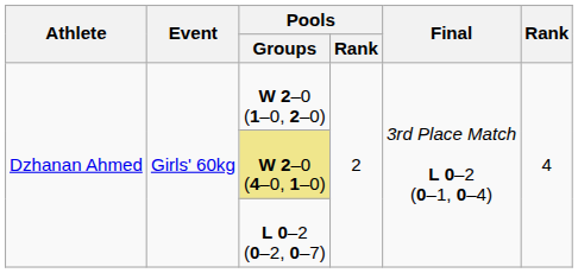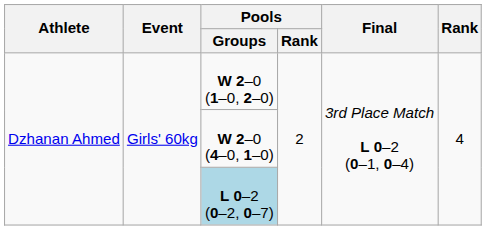 <table class="wikitable" style="text-align:left; font-size:90%">
 <tr>
 <th rowspan="2">Athlete</th>
 <th rowspan="2">Event</th>
 <th colspan="2">Pools</th>
 <th rowspan="2">Final</th>
 <th rowspan="2">Rank</th>
 </tr>
 <tr>
 <th>Groups</th>
 <th>Rank</th>
 </tr>
 <tr>
 <td rowspan="3"><a href='#'>Dzhanan Ahmed</a></td>
 <td rowspan="3"><a href='#'>Girls' 60kg</a></td>
 <td align=center><br><strong>W</strong> <strong>2</strong>–0<br>(<strong>1</strong>–0, <strong>2</strong>–0)</td>
 <td rowspan="3" align=center>2</td>
 <td align=center rowspan=3><em>3rd Place Match</em><br><br><strong>L</strong> <strong>0</strong>–2<br>(<strong>0</strong>–1, <strong>0</strong>–4)</td>
 <td rowspan="3" align="center">4</td>
 </tr>
 <tr>
-<td align=center style="background: khaki;"><br><strong>W</strong> <strong>2</strong>–0<br>(<strong>4</strong>–0, <strong>1</strong>–0)</td>
+<td align=center><br><strong>W</strong> <strong>2</strong>–0<br>(<strong>4</strong>–0, <strong>1</strong>–0)</td>
 </tr>
 <tr>
-<td align=center><br><strong>L</strong> <strong>0</strong>–2<br>(<strong>0</strong>–2, <strong>0</strong>–7)</td>
+<td align=center style="background: lightblue;"><br><strong>L</strong> <strong>0</strong>–2<br>(<strong>0</strong>–2, <strong>0</strong>–7)</td>
 </tr>
 </table>
